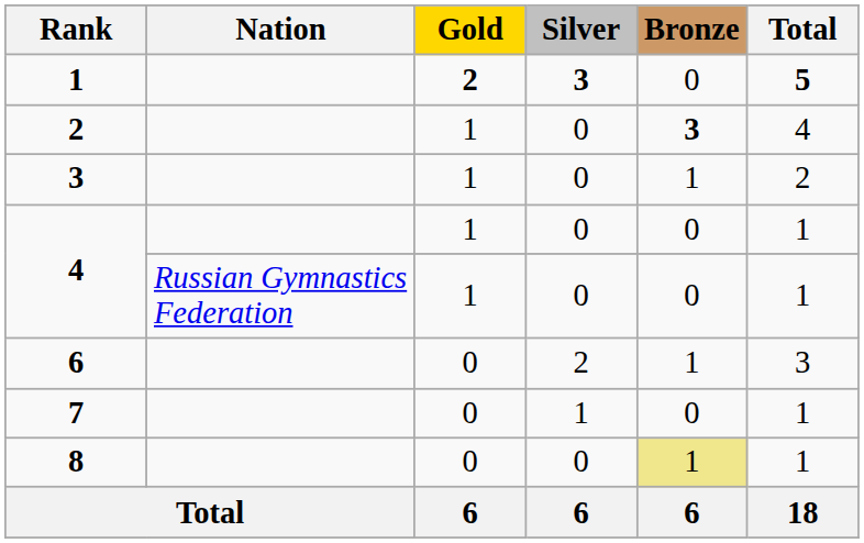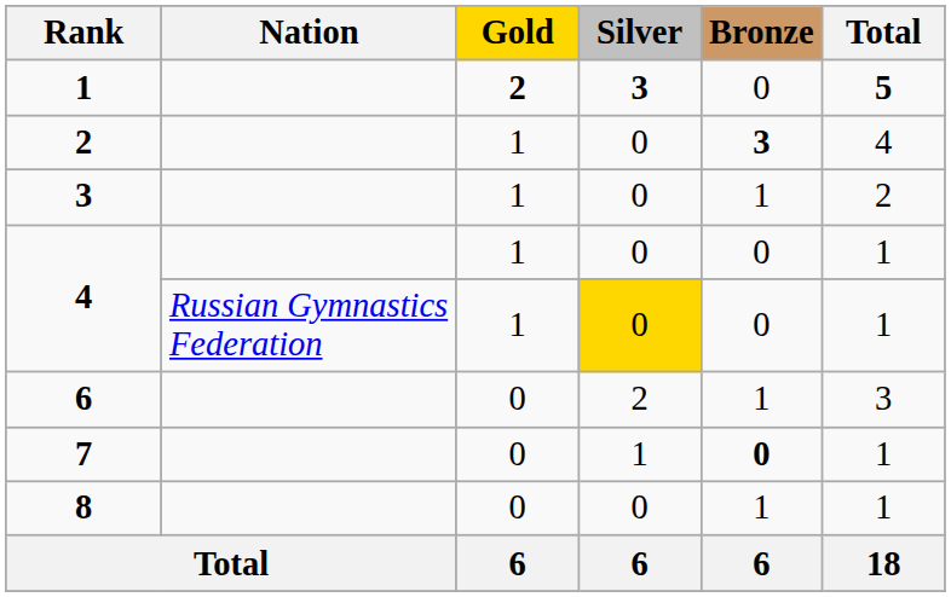 <table class="wikitable collapsible autocollapse plainrowheaders" width=70% style="text-align:center;">
 <tr style="background-color:#EDEDED;">
 <th width=100px class="hintergrundfarbe5">Rank</th>
 <th width=200px class="hintergrundfarbe6">Nation</th>
 <th style="background:    gold; width:13%">Gold</th>
 <th style="background:  silver; width:13%">Silver</th>
 <th style="background: #CC9966; width:13%">Bronze</th>
 <th class="hintergrundfarbe6" style="width:13%">Total</th>
 </tr>
 <tr>
 <td><strong>1</strong></td>
 <td align=left></td>
 <td><strong>2</strong></td>
 <td><strong>3</strong></td>
 <td>0</td>
 <td><strong>5</strong></td>
 </tr>
 <tr>
 <td><strong>2</strong></td>
 <td align=left> </td>
 <td>1</td>
 <td>0</td>
 <td><strong>3</strong></td>
 <td>4</td>
 </tr>
 <tr>
 <td><strong>3</strong></td>
 <td align=left></td>
 <td>1</td>
 <td>0</td>
 <td>1</td>
 <td>2</td>
 </tr>
 <tr>
 <td rowspan=2><strong>4</strong></td>
 <td align=left></td>
 <td>1</td>
 <td>0</td>
 <td>0</td>
 <td>1</td>
 </tr>
 <tr>
 <td align=left><em><a href='#'>Russian Gymnastics Federation</a></em> </td>
 <td>1</td>
-<td>0</td>
+<td style="background: gold;">0</td>
 <td>0</td>
 <td>1</td>
 </tr>
 <tr>
 <td><strong>6</strong></td>
 <td align=left></td>
 <td>0</td>
 <td>2</td>
 <td>1</td>
 <td>3</td>
 </tr>
 <tr>
 <td><strong>7</strong></td>
 <td align=left><em></em></td>
 <td>0</td>
 <td>1</td>
-<td>0</td>
+<td><strong>0</strong></td>
 <td>1</td>
 </tr>
 <tr>
 <td><strong>8</strong></td>
 <td align=left></td>
 <td>0</td>
 <td>0</td>
-<td style="background: khaki;">1</td>
+<td>1</td>
 <td>1</td>
 </tr>
 <tr class="sortbottom">
 <th colspan=2>Total</th>
 <th>6</th>
 <th>6</th>
 <th>6</th>
 <th>18</th>
 </tr>
 </table>
